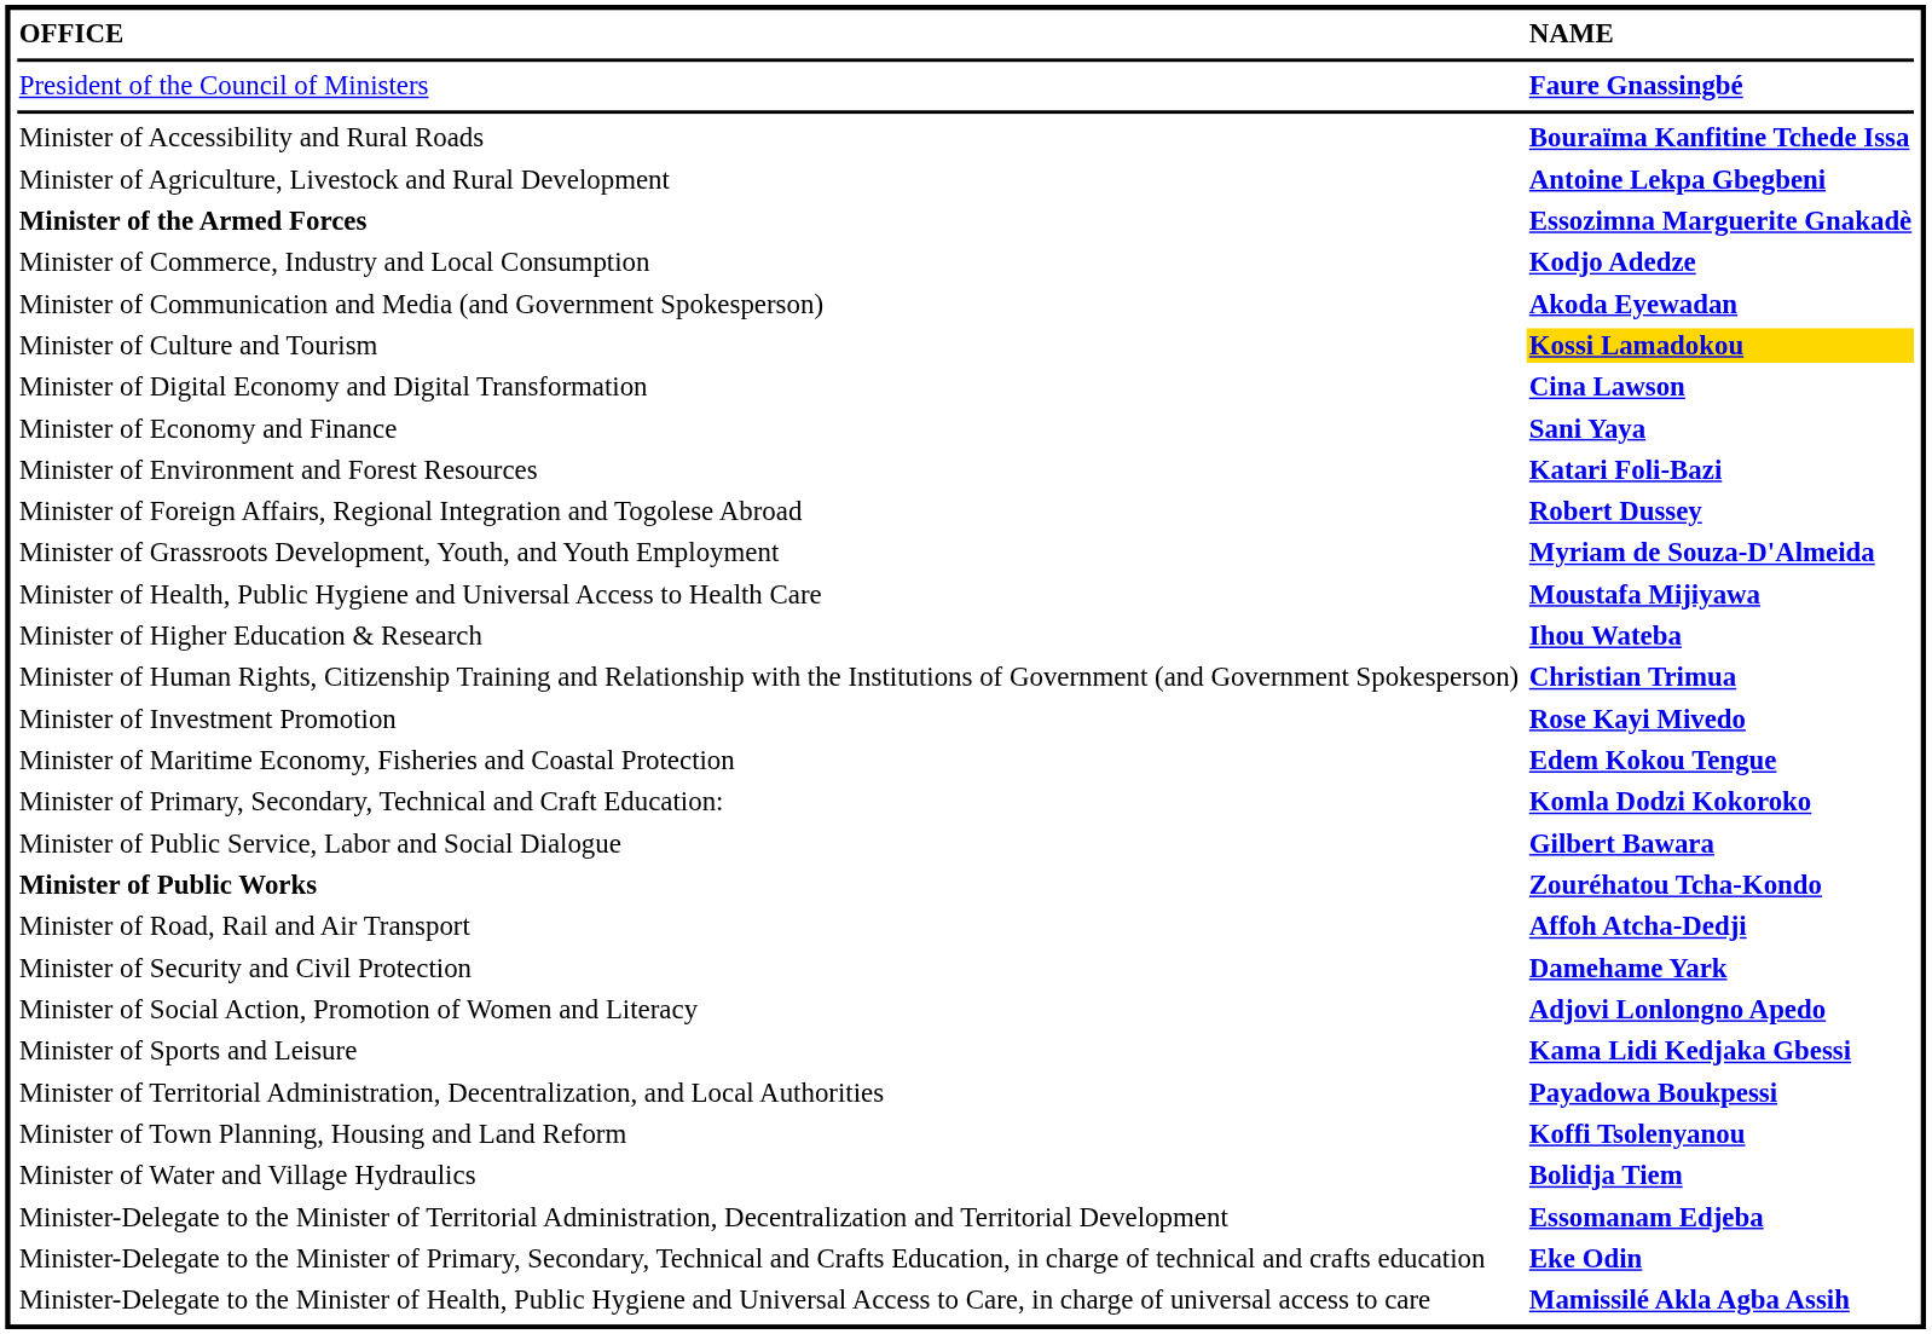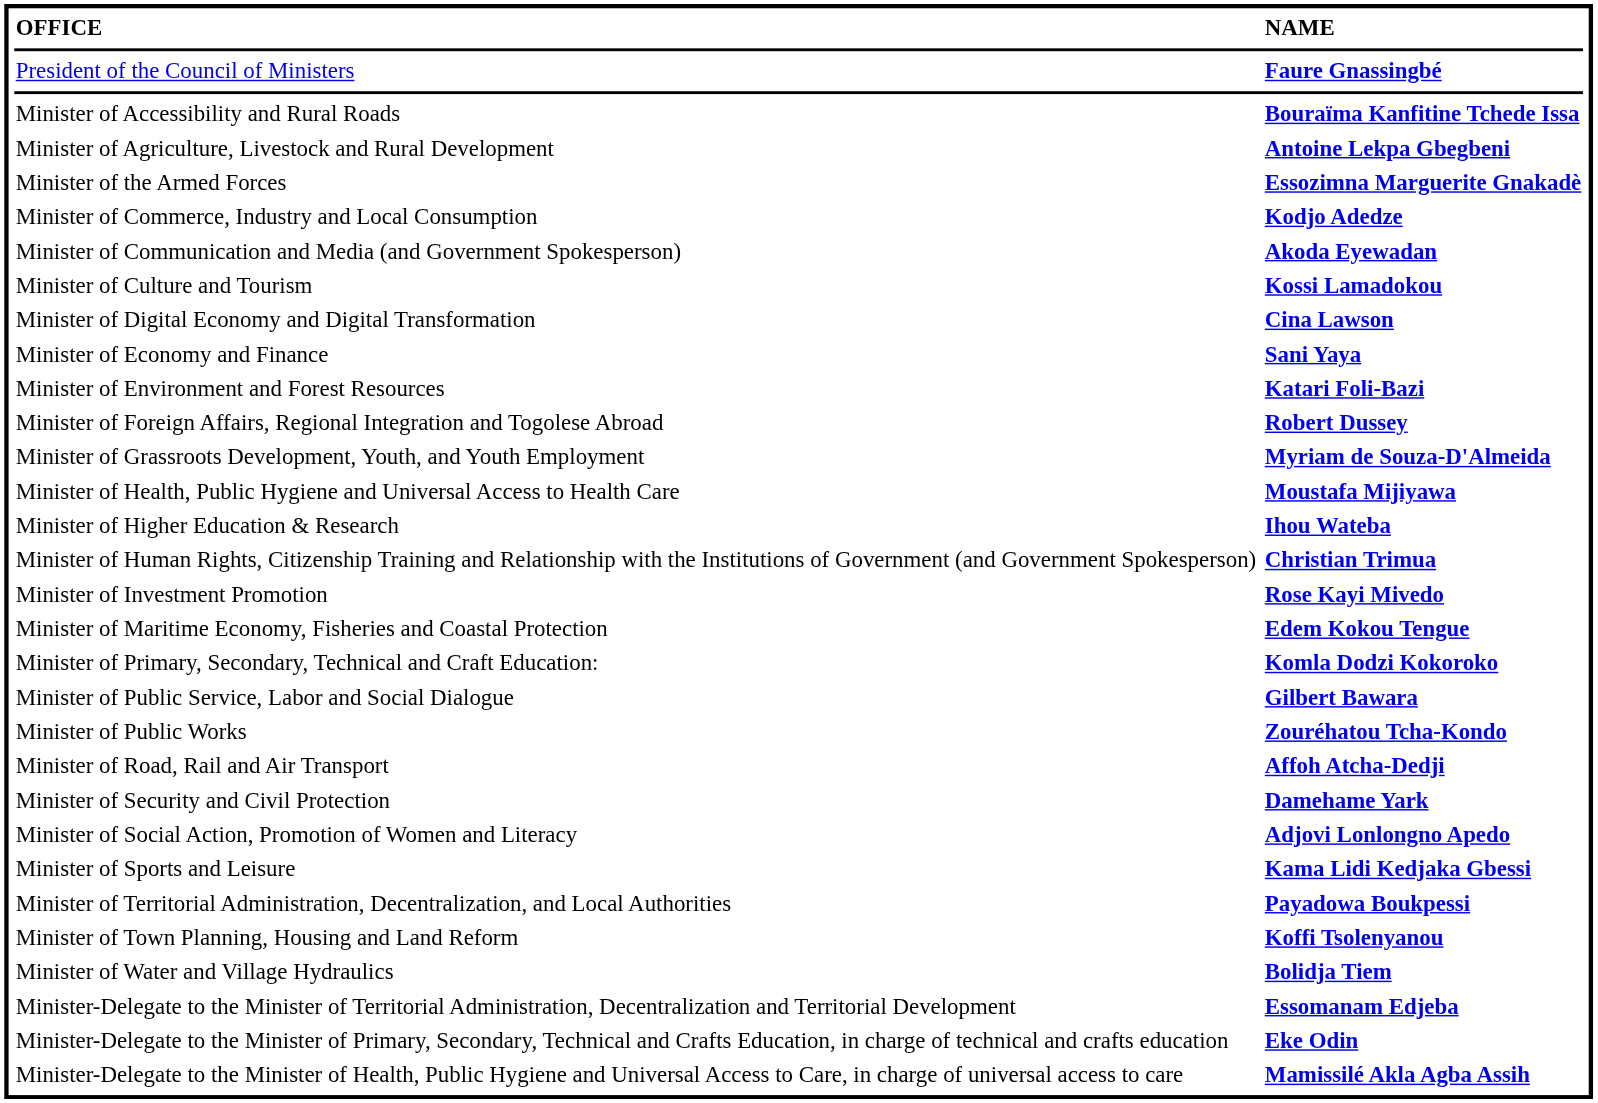 <table cellpadding=1 cellspacing=4 style="margin:3px; border:3px solid #000000;">
 <tr>
 <td><strong>OFFICE</strong></td>
 <td><strong>NAME</strong></td>
 </tr>
 <tr>
 <td bgcolor=#000000 colspan=3></td>
 </tr>
 <tr>
 <td><a href='#'>President of the Council of Ministers</a></td>
 <td><strong><a href='#'>Faure Gnassingbé</a></strong></td>
 </tr>
 <tr>
 <td bgcolor=#000000 colspan=3></td>
 </tr>
 <tr>
 <td>Minister of Accessibility and Rural Roads</td>
 <td><strong><a href='#'>Bouraïma Kanfitine Tchede Issa</a></strong></td>
 </tr>
 <tr>
 <td>Minister of Agriculture, Livestock and Rural Development</td>
 <td><strong><a href='#'>Antoine Lekpa Gbegbeni</a></strong></td>
 </tr>
 <tr>
-<td><strong>Minister of the Armed Forces</strong></td>
+<td>Minister of the Armed Forces</td>
 <td><strong><a href='#'>Essozimna Marguerite Gnakadè</a></strong></td>
 </tr>
 <tr>
 <td>Minister of Commerce, Industry and Local Consumption</td>
 <td><strong><a href='#'>Kodjo Adedze</a></strong></td>
 </tr>
 <tr>
 <td>Minister of Communication and Media (and Government Spokesperson)</td>
 <td><strong><a href='#'>Akoda Eyewadan</a></strong></td>
 </tr>
 <tr>
 <td>Minister of Culture and Tourism</td>
-<td style="background: gold;"><strong><a href='#'>Kossi Lamadokou</a></strong></td>
+<td><strong><a href='#'>Kossi Lamadokou</a></strong></td>
 </tr>
 <tr>
 <td>Minister of Digital Economy and Digital Transformation</td>
 <td><strong><a href='#'>Cina Lawson</a></strong></td>
 </tr>
 <tr>
 <td>Minister of Economy and Finance</td>
 <td><strong><a href='#'>Sani Yaya</a></strong></td>
 </tr>
 <tr>
 <td>Minister of Environment and Forest Resources</td>
 <td><strong><a href='#'>Katari Foli-Bazi</a></strong></td>
 </tr>
 <tr>
 <td>Minister of Foreign Affairs, Regional Integration and Togolese Abroad</td>
 <td><strong><a href='#'>Robert Dussey</a></strong></td>
 </tr>
 <tr>
 <td>Minister of Grassroots Development, Youth, and Youth Employment</td>
 <td><strong><a href='#'>Myriam de Souza-D'Almeida</a></strong></td>
 </tr>
 <tr>
 <td>Minister of Health, Public Hygiene and Universal Access to Health Care</td>
 <td><strong><a href='#'>Moustafa Mijiyawa</a></strong></td>
 </tr>
 <tr>
 <td>Minister of Higher Education & Research</td>
 <td><strong><a href='#'>Ihou Wateba</a></strong></td>
 </tr>
 <tr>
 <td>Minister of Human Rights, Citizenship Training and Relationship with the Institutions of Government (and Government Spokesperson)</td>
 <td><strong><a href='#'>Christian Trimua</a></strong></td>
 </tr>
 <tr>
 <td>Minister of Investment Promotion</td>
 <td><strong><a href='#'>Rose Kayi Mivedo</a></strong></td>
 </tr>
 <tr>
 <td>Minister of Maritime Economy, Fisheries and Coastal Protection</td>
 <td><strong><a href='#'>Edem Kokou Tengue</a></strong></td>
 </tr>
 <tr>
 <td>Minister of Primary, Secondary, Technical and Craft Education:</td>
 <td><strong><a href='#'>Komla Dodzi Kokoroko</a></strong></td>
 </tr>
 <tr>
 <td>Minister of Public Service, Labor and Social Dialogue</td>
 <td><strong><a href='#'>Gilbert Bawara</a></strong></td>
 </tr>
 <tr>
-<td><strong>Minister of Public Works</strong></td>
+<td>Minister of Public Works</td>
 <td><strong><a href='#'>Zouréhatou Tcha-Kondo</a></strong></td>
 </tr>
 <tr>
 <td>Minister of Road, Rail and Air Transport</td>
 <td><strong><a href='#'>Affoh Atcha-Dedji</a></strong></td>
 </tr>
 <tr>
 <td>Minister of Security and Civil Protection</td>
 <td><strong><a href='#'>Damehame Yark</a></strong></td>
 </tr>
 <tr>
 <td>Minister of Social Action, Promotion of Women and Literacy</td>
 <td><strong><a href='#'>Adjovi Lonlongno Apedo</a></strong></td>
 </tr>
 <tr>
 <td>Minister of Sports and Leisure</td>
 <td><strong><a href='#'>Kama Lidi Kedjaka Gbessi</a></strong></td>
 </tr>
 <tr>
 <td>Minister of Territorial Administration, Decentralization, and Local Authorities</td>
 <td><strong><a href='#'>Payadowa Boukpessi</a></strong></td>
 </tr>
 <tr>
 <td>Minister of Town Planning, Housing and Land Reform</td>
 <td><strong><a href='#'>Koffi Tsolenyanou</a></strong></td>
 </tr>
 <tr>
 <td>Minister of Water and Village Hydraulics</td>
 <td><strong><a href='#'>Bolidja Tiem</a></strong></td>
 </tr>
 <tr>
 <td>Minister-Delegate to the Minister of Territorial Administration, Decentralization and Territorial Development</td>
 <td><strong><a href='#'>Essomanam Edjeba</a></strong></td>
 </tr>
 <tr>
 <td>Minister-Delegate to the Minister of Primary, Secondary, Technical and Crafts Education, in charge of technical and crafts education</td>
 <td><strong><a href='#'>Eke Odin</a></strong></td>
 </tr>
 <tr>
 <td>Minister-Delegate to the Minister of Health, Public Hygiene and Universal Access to Care, in charge of universal access to care</td>
 <td><strong><a href='#'>Mamissilé Akla Agba Assih</a></strong></td>
 </tr>
 </table>
